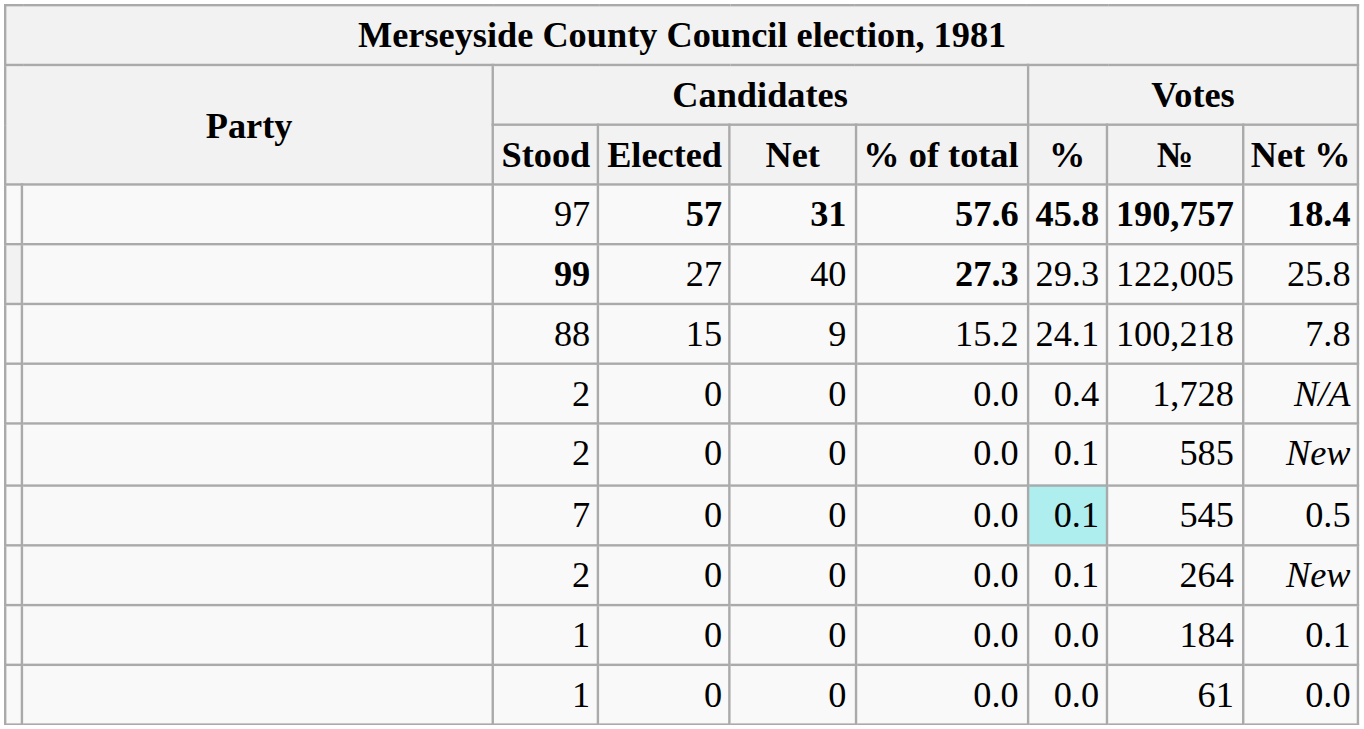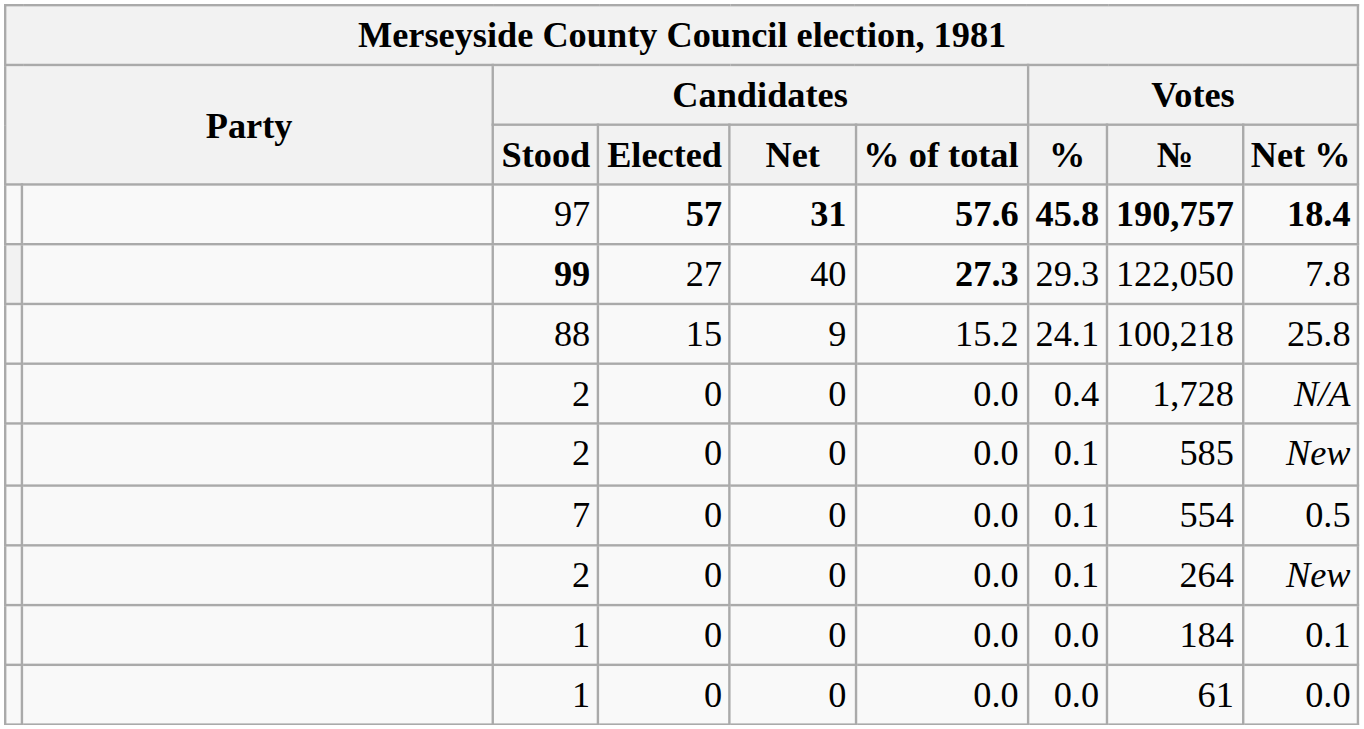 <table class="wikitable" style="font-size:95%">
 <tr>
 <th colspan="16" style="background-color:#f2f2f2">Merseyside County Council election, 1981</th>
 </tr>
 <tr style="vertical-align:center;">
 <th colspan="2" rowspan="2">Party</th>
 <th colspan="4" style="width: 30px">Candidates</th>
 <th colspan="3" style="width: 30px">Votes</th>
 </tr>
 <tr>
 <th>Stood</th>
 <th>Elected</th>
 <th style="width: 45px">Net</th>
 <th>% of total</th>
 <th>%</th>
 <th>№</th>
 <th>Net %</th>
 </tr>
 <tr>
 <td style="background-color: "></td>
 <td style="width: 190px"><a href='#'></a></td>
 <td style="text-align:right; ">97</td>
 <td style="text-align:right; "><strong>57</strong></td>
 <td style="text-align:right; "><span><strong>31</strong></span></td>
 <td style="text-align:right; "><strong>57.6</strong></td>
 <td style="text-align:right; "><strong>45.8</strong></td>
 <td style="text-align:right; "><strong>190,757</strong></td>
 <td style="text-align:right; "><span><strong>18.4</strong></span></td>
 </tr>
 <tr>
 <th style="background-color: "></th>
 <td style="width: 190px"><a href='#'></a></td>
 <td style="text-align:right; "><strong>99</strong></td>
 <td style="text-align:right; ">27</td>
 <td style="text-align:right; "><span>40</span></td>
 <td style="text-align:right; "><strong>27.3</strong></td>
 <td style="text-align:right; ">29.3</td>
-<td style="text-align:right; ">122,005</td>
-<td style="text-align:right; "><span>25.8</span></td>
+<td style="text-align:right; ">122,050</td>
+<td style="text-align:right; "><span>7.8</span></td>
 </tr>
 <tr>
 <td style="background-color: "></td>
 <td style="width: 190px"><a href='#'></a></td>
 <td style="text-align:right; ">88</td>
 <td style="text-align:right; ">15</td>
 <td style="text-align:right; "><span>9</span></td>
 <td style="text-align:right; ">15.2</td>
 <td style="text-align:right; ">24.1</td>
 <td style="text-align:right; ">100,218</td>
-<td style="text-align:right; "><span>7.8</span></td>
+<td style="text-align:right; "><span>25.8</span></td>
 </tr>
 <tr>
 <td style="background-color: "></td>
 <td style="width: 190px"><a href='#'></a></td>
 <td style="text-align:right; ">2</td>
 <td style="text-align:right; ">0</td>
 <td style="text-align:right; ">0</td>
 <td style="text-align:right; ">0.0</td>
 <td style="text-align:right; ">0.4</td>
 <td style="text-align:right; ">1,728</td>
 <td style="text-align:right; "><em>N/A</em></td>
 </tr>
 <tr>
 <td style="background-color: "></td>
 <td style="width: 190px"><a href='#'></a></td>
 <td style="text-align:right; ">2</td>
 <td style="text-align:right; ">0</td>
 <td style="text-align:right; ">0</td>
 <td style="text-align:right; ">0.0</td>
 <td style="text-align:right; ">0.1</td>
 <td style="text-align:right; ">585</td>
 <td style="text-align:right; "><em>New</em></td>
 </tr>
 <tr>
 <td style="background-color: "></td>
 <td style="width: 190px"><a href='#'></a></td>
 <td style="text-align:right; ">7</td>
 <td style="text-align:right; ">0</td>
 <td style="text-align:right; ">0</td>
 <td style="text-align:right; ">0.0</td>
-<td style="background: paleturquoise; text-align:right; ">0.1</td>
-<td style="text-align:right; ">545</td>
+<td style="text-align:right; ">0.1</td>
+<td style="text-align:right; ">554</td>
 <td style="text-align:right; "><span>0.5</span></td>
 </tr>
 <tr>
 <td style="background-color: "></td>
 <td style="width: 190px"><a href='#'></a></td>
 <td style="text-align:right; ">2</td>
 <td style="text-align:right; ">0</td>
 <td style="text-align:right; ">0</td>
 <td style="text-align:right; ">0.0</td>
 <td style="text-align:right; ">0.1</td>
 <td style="text-align:right; ">264</td>
 <td style="text-align:right; "><em>New</em></td>
 </tr>
 <tr>
 <td style="background-color: "></td>
 <td style="width: 190px"><a href='#'></a></td>
 <td style="text-align:right; ">1</td>
 <td style="text-align:right; ">0</td>
 <td style="text-align:right; ">0</td>
 <td style="text-align:right; ">0.0</td>
 <td style="text-align:right; ">0.0</td>
 <td style="text-align:right; ">184</td>
 <td style="text-align:right; "><span>0.1</span></td>
 </tr>
 <tr>
 <td style="background-color: "></td>
 <td style="width: 190px"><a href='#'></a></td>
 <td style="text-align:right; ">1</td>
 <td style="text-align:right; ">0</td>
 <td style="text-align:right; ">0</td>
 <td style="text-align:right; ">0.0</td>
 <td style="text-align:right; ">0.0</td>
 <td style="text-align:right; ">61</td>
 <td style="text-align:right; ">0.0</td>
 </tr>
 </table>
